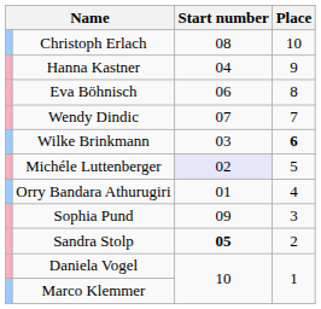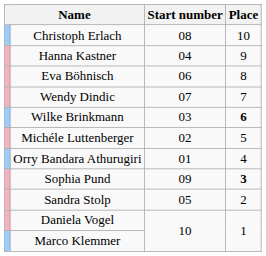 <table class="wikitable sortable" style="text-align:center">
 <tr>
 <th colspan=2>Name</th>
 <th>Start number</th>
 <th>Place</th>
 </tr>
 <tr>
 <td style="background:#9cf;"></td>
 <td>Christoph Erlach</td>
 <td>08</td>
 <td>10</td>
 </tr>
 <tr>
 <td style="background:#faafbe"></td>
 <td>Hanna Kastner</td>
 <td>04</td>
 <td>9</td>
 </tr>
 <tr>
 <td style="background:#faafbe"></td>
 <td>Eva Böhnisch</td>
 <td>06</td>
 <td>8</td>
 </tr>
 <tr>
 <td style="background:#faafbe"></td>
 <td>Wendy Dindic</td>
 <td>07</td>
 <td>7</td>
 </tr>
 <tr>
 <td style="background:#9cf;"></td>
 <td>Wilke Brinkmann</td>
 <td>03</td>
 <td><strong>6</strong></td>
 </tr>
 <tr>
 <td style="background:#faafbe"></td>
 <td>Michéle Luttenberger</td>
-<td style="background: lavender;">02</td>
+<td>02</td>
 <td>5</td>
 </tr>
 <tr>
 <td style="background:#9cf;"></td>
 <td>Orry Bandara Athurugiri</td>
 <td>01</td>
 <td>4</td>
 </tr>
 <tr>
 <td style="background:#faafbe"></td>
 <td>Sophia Pund</td>
 <td>09</td>
-<td>3</td>
+<td><strong>3</strong></td>
 </tr>
 <tr>
 <td style="background:#faafbe"></td>
 <td>Sandra Stolp</td>
-<td><strong>05</strong></td>
+<td>05</td>
 <td>2</td>
 </tr>
 <tr>
 <td style="background:#faafbe"></td>
 <td>Daniela Vogel</td>
 <td rowspan=2>10</td>
 <td rowspan=2>1</td>
 </tr>
 <tr>
 <td style="background:#9cf;"></td>
 <td>Marco Klemmer</td>
 </tr>
 </table>
